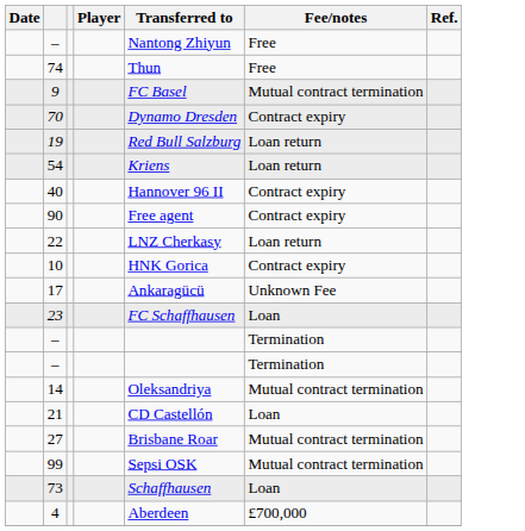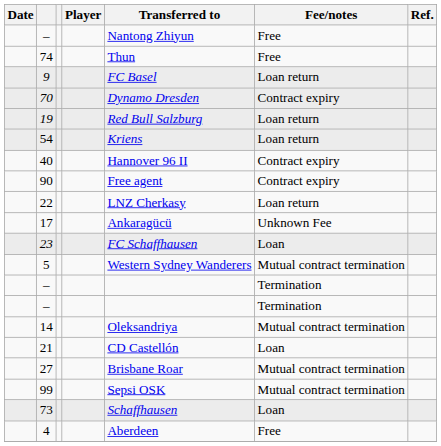 <table class="wikitable plainrowheaders sortable">
 <tr>
 <th scope=col>Date</th>
 <th></th>
 <th></th>
 <th scope=col>Player</th>
 <th>Transferred to</th>
 <th !scope=col>Fee/notes</th>
 <th scope=col>Ref.</th>
 </tr>
 <tr>
 <td></td>
 <td style="text-align:center">–</td>
 <td style="text-align:center"></td>
 <td></td>
 <td> <a href='#'>Nantong Zhiyun</a></td>
 <td>Free</td>
 <td></td>
 </tr>
 <tr>
 <td></td>
 <td style="text-align:center">74</td>
 <td style="text-align:center"></td>
 <td></td>
 <td> <a href='#'>Thun</a></td>
 <td>Free</td>
 <td></td>
 </tr>
 <tr style="background:#ececec;">
 <td></td>
 <td align=center><em>9</em></td>
 <td align=center></td>
 <td></td>
 <td> <em><a href='#'>FC Basel</a></em></td>
-<td>Mutual contract termination</td>
+<td>Loan return</td>
 <td></td>
 </tr>
 <tr style="background:#ececec;">
 <td></td>
 <td align=center><em>70</em></td>
 <td align=center></td>
 <td></td>
 <td> <em><a href='#'>Dynamo Dresden</a></em></td>
 <td>Contract expiry</td>
 <td></td>
 </tr>
 <tr style="background:#ececec;">
 <td></td>
 <td align=center><em>19</em></td>
 <td align=center></td>
 <td></td>
 <td> <em><a href='#'>Red Bull Salzburg</a></em></td>
 <td>Loan return</td>
 <td></td>
 </tr>
 <tr style="background:#ececec;">
 <td></td>
 <td style="text-align:center">54</td>
 <td style="text-align:center"></td>
 <td></td>
 <td> <em><a href='#'>Kriens</a></em></td>
 <td>Loan return</td>
 <td></td>
 </tr>
 <tr>
 <td></td>
 <td style="text-align:center">40</td>
 <td style="text-align:center"></td>
 <td></td>
 <td> <a href='#'>Hannover 96 II</a></td>
 <td>Contract expiry</td>
 <td></td>
 </tr>
 <tr>
 <td></td>
 <td align=center>90</td>
 <td align=center></td>
 <td></td>
 <td> <a href='#'>Free agent</a></td>
 <td>Contract expiry</td>
 <td></td>
 </tr>
 <tr>
 <td></td>
 <td align=center>22</td>
 <td align=center></td>
 <td></td>
 <td> <a href='#'>LNZ Cherkasy</a></td>
 <td>Loan return</td>
 <td></td>
 </tr>
 <tr>
 <td></td>
-<td style="text-align:center">10</td>
-<td style="text-align:center"></td>
-<td></td>
-<td> <a href='#'>HNK Gorica</a></td>
-<td>Contract expiry</td>
-<td></td>
-</tr>
-<tr>
-<td></td>
 <td align=center>17</td>
 <td align=center></td>
 <td></td>
 <td> <a href='#'>Ankaragücü</a></td>
 <td>Unknown Fee</td>
 <td></td>
 </tr>
 <tr style="background:#ececec;">
 <td></td>
 <td align=center><em>23</em></td>
 <td align=center></td>
 <td></td>
 <td> <em><a href='#'>FC Schaffhausen</a></em></td>
 <td>Loan</td>
+<td></td>
+</tr>
+<tr>
+<td></td>
+<td align=center>5</td>
+<td align=center></td>
+<td></td>
+<td> <a href='#'>Western Sydney Wanderers</a></td>
+<td>Mutual contract termination</td>
 <td></td>
 </tr>
 <tr>
 <td></td>
 <td align=center>–</td>
 <td align=center></td>
 <td></td>
 <td></td>
 <td>Termination</td>
 <td></td>
 </tr>
 <tr>
 <td></td>
 <td align=center>–</td>
 <td align=center></td>
 <td></td>
 <td></td>
 <td>Termination</td>
 <td></td>
 </tr>
 <tr>
 <td></td>
 <td align=center>14</td>
 <td align=center></td>
 <td></td>
 <td> <a href='#'>Oleksandriya</a></td>
 <td>Mutual contract termination</td>
 <td></td>
 </tr>
 <tr>
 <td></td>
 <td align=center>21</td>
 <td align=center></td>
 <td></td>
 <td> <a href='#'>CD Castellón</a></td>
 <td>Loan</td>
 <td></td>
 </tr>
 <tr>
 <td></td>
 <td align=center>27</td>
 <td align=center></td>
 <td></td>
 <td> <a href='#'>Brisbane Roar</a></td>
 <td>Mutual contract termination</td>
 <td></td>
 </tr>
 <tr>
 <td></td>
 <td align=center>99</td>
 <td align=center></td>
 <td></td>
 <td> <a href='#'>Sepsi OSK</a></td>
 <td>Mutual contract termination</td>
 <td></td>
 </tr>
 <tr style="background:#ececec;">
 <td></td>
 <td align=center>73</td>
 <td align=center></td>
 <td> <em></em></td>
 <td> <em><a href='#'>Schaffhausen</a></em></td>
 <td>Loan</td>
 <td></td>
 </tr>
 <tr>
 <td></td>
 <td align=center>4</td>
 <td align=center></td>
 <td></td>
 <td> <a href='#'>Aberdeen</a></td>
-<td>£700,000</td>
+<td>Free</td>
 <td></td>
 </tr>
 <tr>
 </tr>
 </table>
